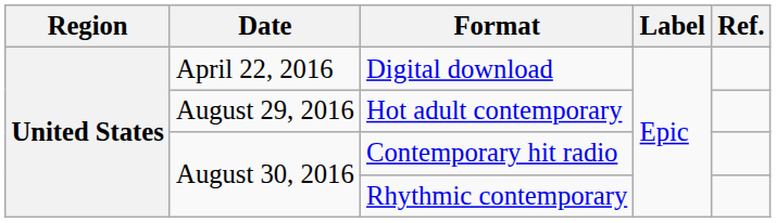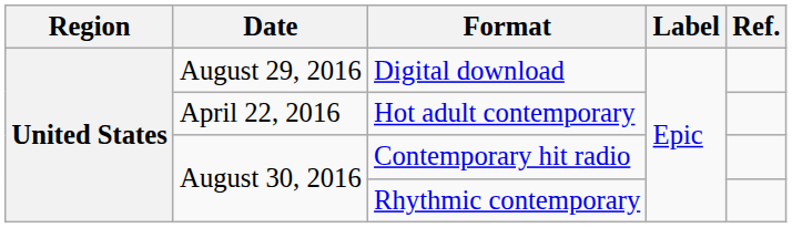 <table class="wikitable sortable plainrowheaders">
 <tr>
 <th scope="col">Region</th>
 <th scope="col">Date</th>
 <th scope="col">Format</th>
 <th scope="col">Label</th>
 <th scope="col">Ref.</th>
 </tr>
 <tr>
 <th scope="row" rowspan="4">United States</th>
-<td>April 22, 2016</td>
+<td>August 29, 2016</td>
 <td><a href='#'>Digital download</a></td>
 <td rowspan="4”"><a href='#'>Epic</a></td>
 <td></td>
 </tr>
 <tr>
-<td>August 29, 2016</td>
+<td>April 22, 2016</td>
 <td><a href='#'>Hot adult contemporary</a></td>
 <td></td>
 </tr>
 <tr>
 <td rowspan="2">August 30, 2016</td>
 <td><a href='#'>Contemporary hit radio</a></td>
 <td></td>
 </tr>
 <tr>
 <td><a href='#'>Rhythmic contemporary</a></td>
 <td></td>
 </tr>
 </table>
